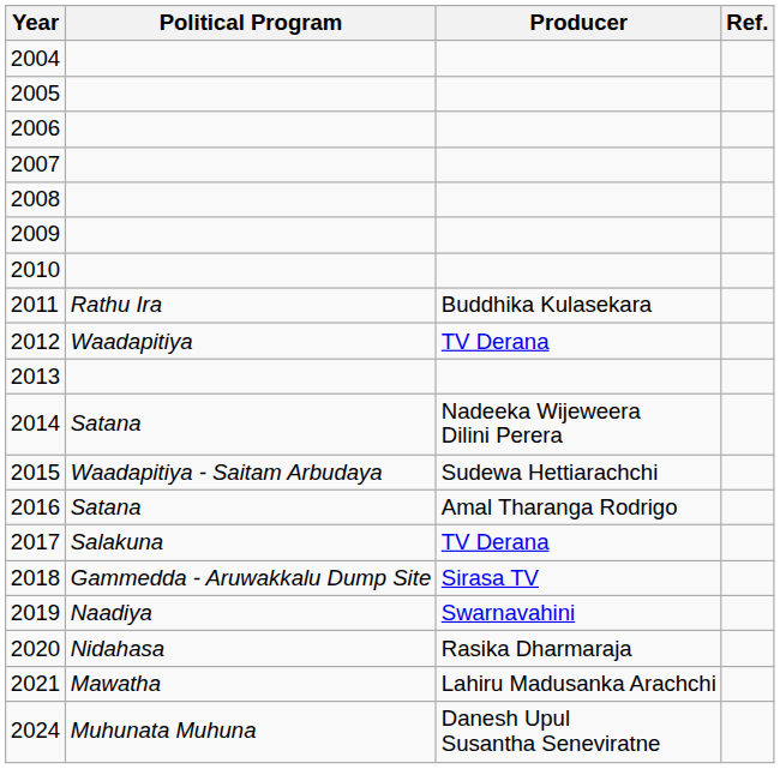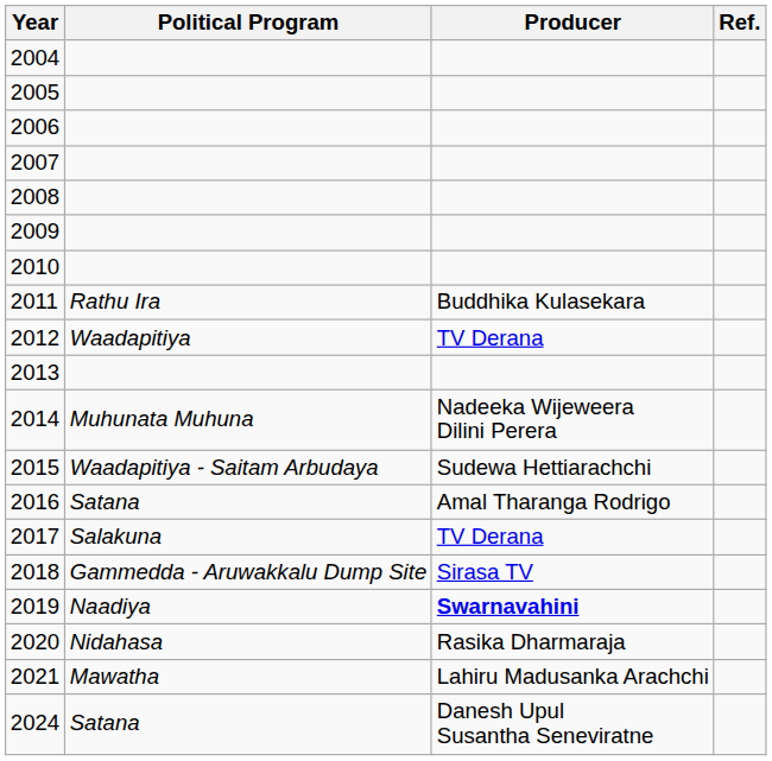 <table class="wikitable">
 <tr>
 <th>Year</th>
 <th>Political Program</th>
 <th>Producer</th>
 <th>Ref.</th>
 </tr>
 <tr>
 <td>2004</td>
 <td></td>
 <td></td>
 <td></td>
 </tr>
 <tr>
 <td>2005</td>
 <td></td>
 <td></td>
 <td></td>
 </tr>
 <tr>
 <td>2006</td>
 <td></td>
 <td></td>
 <td></td>
 </tr>
 <tr>
 <td>2007</td>
 <td></td>
 <td></td>
 <td></td>
 </tr>
 <tr>
 <td>2008</td>
 <td></td>
 <td></td>
 <td></td>
 </tr>
 <tr>
 <td>2009</td>
 <td></td>
 <td></td>
 <td></td>
 </tr>
 <tr>
 <td>2010</td>
 <td></td>
 <td></td>
 <td></td>
 </tr>
 <tr>
 <td>2011</td>
 <td><em>Rathu Ira</em></td>
 <td>Buddhika Kulasekara</td>
 <td></td>
 </tr>
 <tr>
 <td>2012</td>
 <td><em>Waadapitiya</em></td>
 <td><a href='#'>TV Derana</a></td>
 <td></td>
 </tr>
 <tr>
 <td>2013</td>
 <td></td>
 <td></td>
 </tr>
 <tr>
 <td>2014</td>
-<td><em>Satana</em></td>
+<td><em>Muhunata Muhuna</em></td>
 <td>Nadeeka Wijeweera<br> Dilini Perera</td>
 <td></td>
 </tr>
 <tr>
 <td>2015</td>
 <td><em>Waadapitiya - Saitam Arbudaya</em></td>
 <td>Sudewa Hettiarachchi</td>
 <td></td>
 </tr>
 <tr>
 <td>2016</td>
 <td><em>Satana</em></td>
 <td>Amal Tharanga Rodrigo</td>
 <td></td>
 </tr>
 <tr>
 <td>2017</td>
 <td><em>Salakuna</em></td>
 <td><a href='#'>TV Derana</a></td>
 <td></td>
 </tr>
 <tr>
 <td>2018</td>
 <td><em>Gammedda - Aruwakkalu Dump Site</em></td>
 <td><a href='#'>Sirasa TV</a></td>
 <td></td>
 </tr>
 <tr>
 <td>2019</td>
 <td><em>Naadiya</em></td>
-<td><a href='#'>Swarnavahini</a></td>
+<td><strong><a href='#'>Swarnavahini</a></strong></td>
 <td></td>
 </tr>
 <tr>
 <td>2020</td>
 <td><em>Nidahasa</em></td>
 <td>Rasika Dharmaraja</td>
 <td></td>
 </tr>
 <tr>
 <td>2021</td>
 <td><em>Mawatha</em></td>
 <td>Lahiru Madusanka Arachchi</td>
 <td></td>
 </tr>
 <tr>
 <td>2024</td>
-<td><em>Muhunata Muhuna</em></td>
+<td><em>Satana</em></td>
 <td>Danesh Upul<br>Susantha Seneviratne</td>
 <td></td>
 </tr>
 </table>
